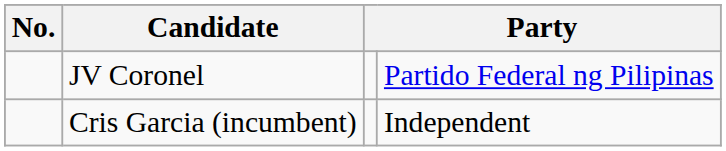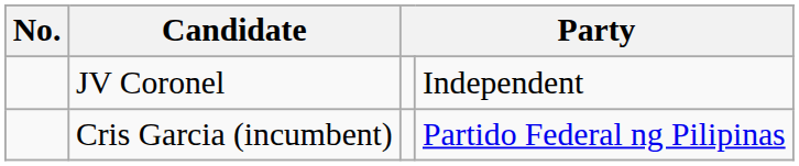 <table class="wikitable sortable" style="text-align:left;">
 <tr>
 <th>No.</th>
 <th>Candidate</th>
 <th colspan="2">Party</th>
 </tr>
 <tr>
 <td></td>
 <td>JV Coronel</td>
 <td></td>
-<td><a href='#'>Partido Federal ng Pilipinas</a></td>
+<td>Independent</td>
 </tr>
 <tr>
 <td></td>
 <td>Cris Garcia (incumbent)</td>
 <td></td>
-<td>Independent</td>
+<td><a href='#'>Partido Federal ng Pilipinas</a></td>
 </tr>
 </table>
